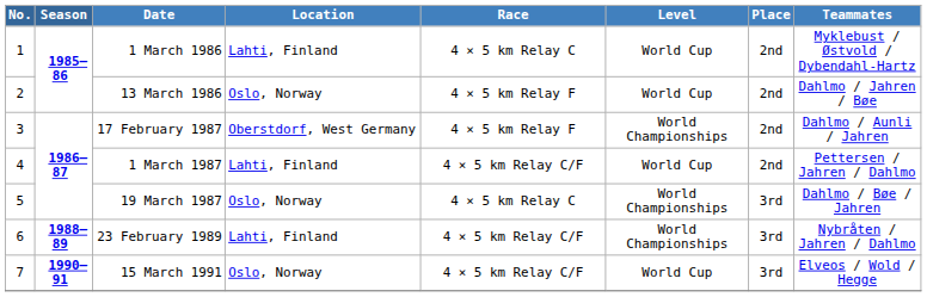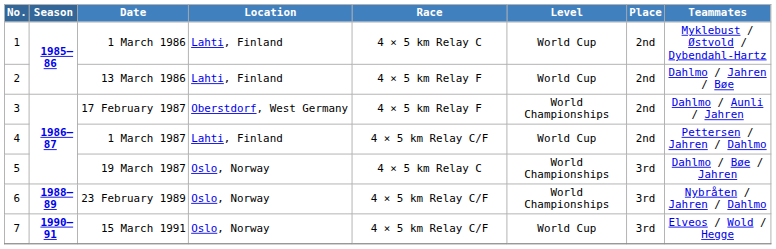 <table class="wikitable sortable" style="font-size:95%; text-align:center; border:grey solid 1px; border-collapse:collapse; background:#ffffff;">
 <tr style="background:#efefef;">
 <th style="background-color:#369; color:white;">No.</th>
 <th style="background-color:#369; color:white;">Season</th>
 <th style="background-color:#4180be; color:white; width:120px;">Date</th>
 <th style="background-color:#4180be; color:white; width:180px;">Location</th>
 <th style="background-color:#4180be; color:white; width:170px;">Race</th>
 <th style="background-color:#4180be; color:white; width:130px;">Level</th>
 <th style="background-color:#4180be; color:white;">Place</th>
 <th style="background-color:#4180be; color:white;">Teammates</th>
 </tr>
 <tr>
 <td align=center>1</td>
 <td rowspan=2 align=center><strong> <a href='#'>1985–86</a> </strong></td>
 <td align=right>1 March 1986</td>
 <td align=left> <a href='#'>Lahti</a>, Finland</td>
 <td>4 × 5 km Relay C</td>
 <td>World Cup</td>
 <td>2nd</td>
 <td><a href='#'>Myklebust</a> / <a href='#'>Østvold</a> / <a href='#'>Dybendahl-Hartz</a></td>
 </tr>
 <tr>
 <td align=center>2</td>
 <td align=right>13 March 1986</td>
-<td align=left> <a href='#'>Oslo</a>, Norway</td>
+<td align=left> <a href='#'>Lahti</a>, Finland</td>
 <td>4 × 5 km Relay F</td>
 <td>World Cup</td>
 <td>2nd</td>
 <td><a href='#'>Dahlmo</a> / <a href='#'>Jahren</a> / <a href='#'>Bøe</a></td>
 </tr>
 <tr>
 <td align=center>3</td>
 <td rowspan=3 align=center><strong> <a href='#'>1986–87</a> </strong></td>
 <td align=right>17 February 1987</td>
 <td align=left> <a href='#'>Oberstdorf</a>, West Germany</td>
 <td>4 × 5 km Relay F</td>
 <td>World Championships</td>
 <td>2nd</td>
 <td><a href='#'>Dahlmo</a> / <a href='#'>Aunli</a> / <a href='#'>Jahren</a></td>
 </tr>
 <tr>
 <td align=center>4</td>
 <td align=right>1 March 1987</td>
 <td align=left> <a href='#'>Lahti</a>, Finland</td>
 <td>4 × 5 km Relay C/F</td>
 <td>World Cup</td>
 <td>2nd</td>
 <td><a href='#'>Pettersen</a> / <a href='#'>Jahren</a> / <a href='#'>Dahlmo</a></td>
 </tr>
 <tr>
 <td align=center>5</td>
 <td align=right>19 March 1987</td>
 <td align=left> <a href='#'>Oslo</a>, Norway</td>
 <td>4 × 5 km Relay C</td>
 <td>World Championships</td>
 <td>3rd</td>
 <td><a href='#'>Dahlmo</a> / <a href='#'>Bøe</a> / <a href='#'>Jahren</a></td>
 </tr>
 <tr>
 <td align=center>6</td>
 <td rowspan=1 align=center><strong> <a href='#'>1988–89</a> </strong></td>
 <td align=right>23 February 1989</td>
-<td align=left> <a href='#'>Lahti</a>, Finland</td>
+<td align=left> <a href='#'>Oslo</a>, Norway</td>
 <td>4 × 5 km Relay C/F</td>
 <td>World Championships</td>
 <td>3rd</td>
 <td><a href='#'>Nybråten</a> / <a href='#'>Jahren</a> / <a href='#'>Dahlmo</a></td>
 </tr>
 <tr>
 <td align=center>7</td>
 <td rowspan=1 align=center><strong> <a href='#'>1990–91</a> </strong></td>
 <td align=right>15 March 1991</td>
 <td align=left> <a href='#'>Oslo</a>, Norway</td>
 <td>4 × 5 km Relay C/F</td>
 <td>World Cup</td>
 <td>3rd</td>
 <td><a href='#'>Elveos</a> / <a href='#'>Wold</a> / <a href='#'>Hegge</a></td>
 </tr>
 <tr>
 </tr>
 </table>
